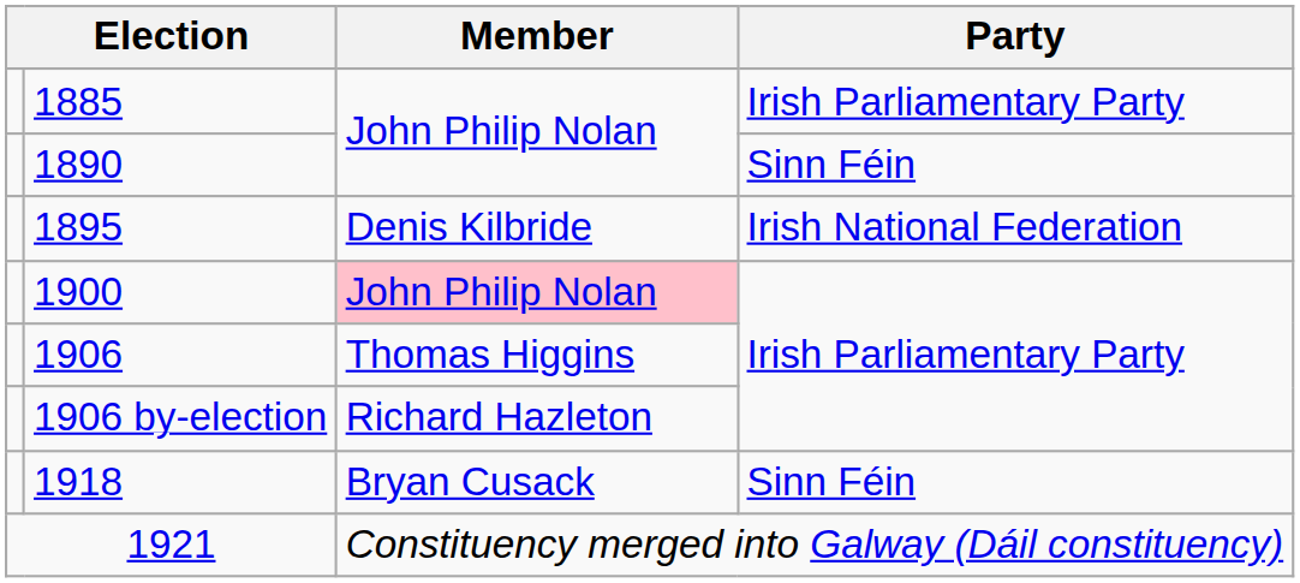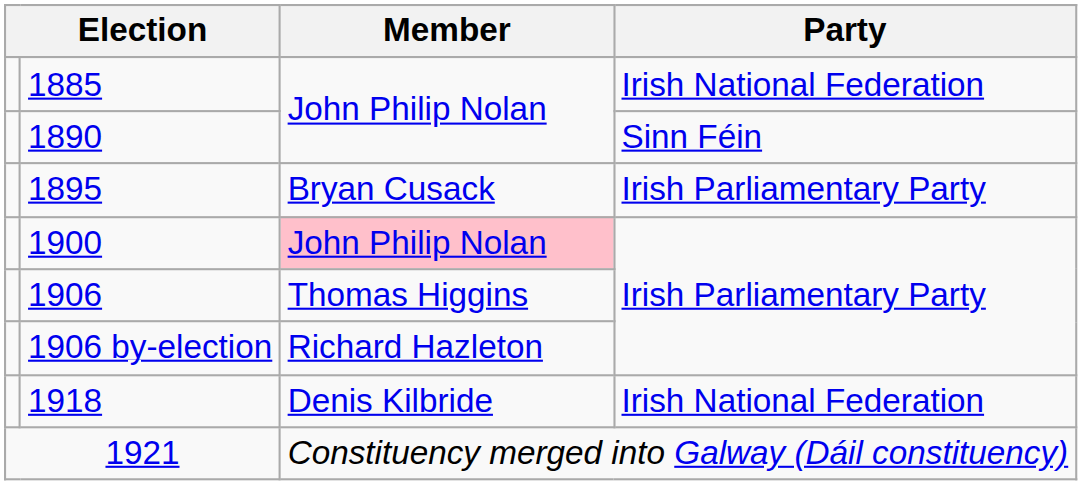 <table class="wikitable">
 <tr>
 <th colspan="2">Election</th>
 <th>Member</th>
 <th>Party</th>
 </tr>
 <tr>
 <td style="color:inherit;background-color: "></td>
 <td><a href='#'>1885</a></td>
 <td rowspan=2><a href='#'>John Philip Nolan</a></td>
-<td><a href='#'>Irish Parliamentary Party</a></td>
+<td><a href='#'>Irish National Federation</a></td>
 </tr>
 <tr>
 <td style="color:inherit;background-color: "></td>
 <td><a href='#'>1890</a></td>
 <td><a href='#'>Sinn Féin</a></td>
 </tr>
 <tr>
 <td style="color:inherit;background-color: "></td>
 <td><a href='#'>1895</a></td>
-<td><a href='#'>Denis Kilbride</a></td>
-<td><a href='#'>Irish National Federation</a></td>
+<td><a href='#'>Bryan Cusack</a></td>
+<td><a href='#'>Irish Parliamentary Party</a></td>
 </tr>
 <tr>
 <td style="color:inherit;background-color: "></td>
 <td><a href='#'>1900</a></td>
 <td style="background: pink;"><a href='#'>John Philip Nolan</a></td>
 <td rowspan="3"><a href='#'>Irish Parliamentary Party</a></td>
 </tr>
 <tr>
 <td style="color:inherit;background-color: "></td>
 <td><a href='#'>1906</a></td>
 <td><a href='#'>Thomas Higgins</a></td>
 </tr>
 <tr>
 <td style="color:inherit;background-color: "></td>
 <td><a href='#'>1906 by-election</a></td>
 <td><a href='#'>Richard Hazleton</a></td>
 </tr>
 <tr>
 <td style="color:inherit;background-color: "></td>
 <td><a href='#'>1918</a></td>
-<td><a href='#'>Bryan Cusack</a></td>
-<td><a href='#'>Sinn Féin</a></td>
+<td><a href='#'>Denis Kilbride</a></td>
+<td><a href='#'>Irish National Federation</a></td>
 </tr>
 <tr>
 <td colspan="2" align="center"><a href='#'>1921</a></td>
 <td colspan="2"><em>Constituency merged into <a href='#'>Galway (Dáil constituency)</a></em></td>
 </tr>
 </table>
